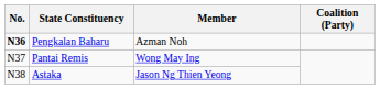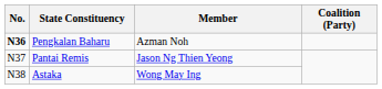 <table class="wikitable">
 <tr>
 <th width="30">No.</th>
 <th width="150">State Constituency</th>
 <th width="245">Member</th>
 <th width="105">Coalition (Party)</th>
 </tr>
 <tr>
 <td><strong>N36</strong></td>
 <td><a href='#'>Pengkalan Baharu</a></td>
 <td>Azman Noh</td>
 <td></td>
 </tr>
 <tr>
 <td>N37</td>
 <td><a href='#'>Pantai Remis</a></td>
-<td><a href='#'>Wong May Ing</a></td>
+<td><a href='#'>Jason Ng Thien Yeong</a></td>
 <td rowspan="2"></td>
 </tr>
 <tr>
 <td>N38</td>
 <td><a href='#'>Astaka</a></td>
-<td><a href='#'>Jason Ng Thien Yeong</a></td>
+<td><a href='#'>Wong May Ing</a></td>
 </tr>
 </table>
